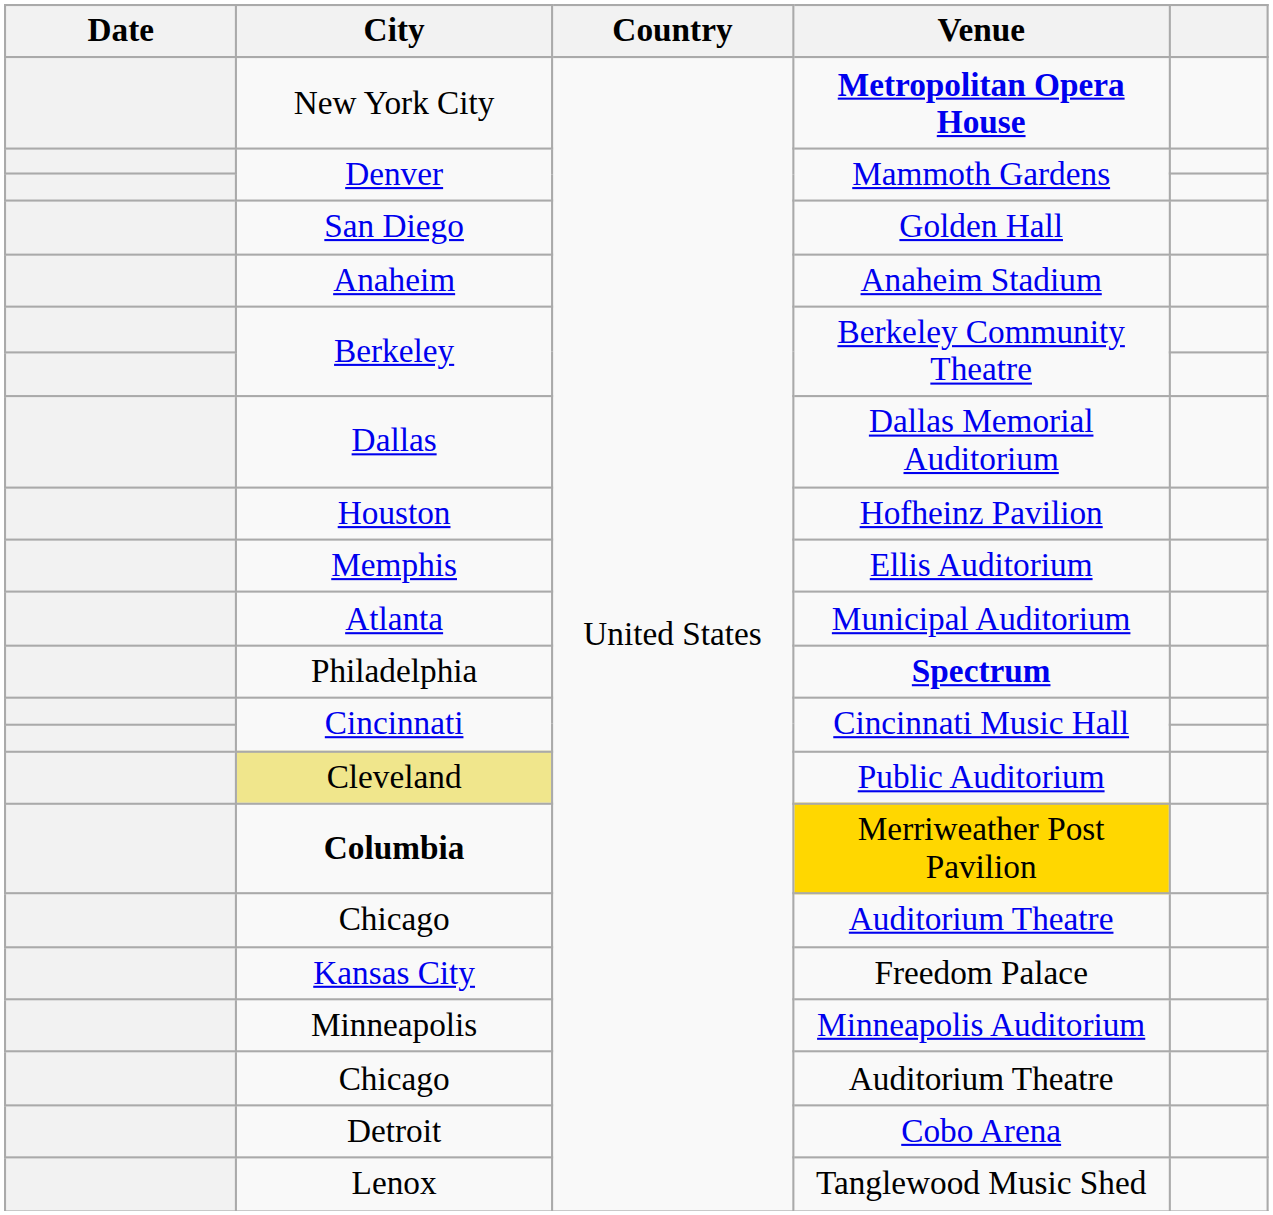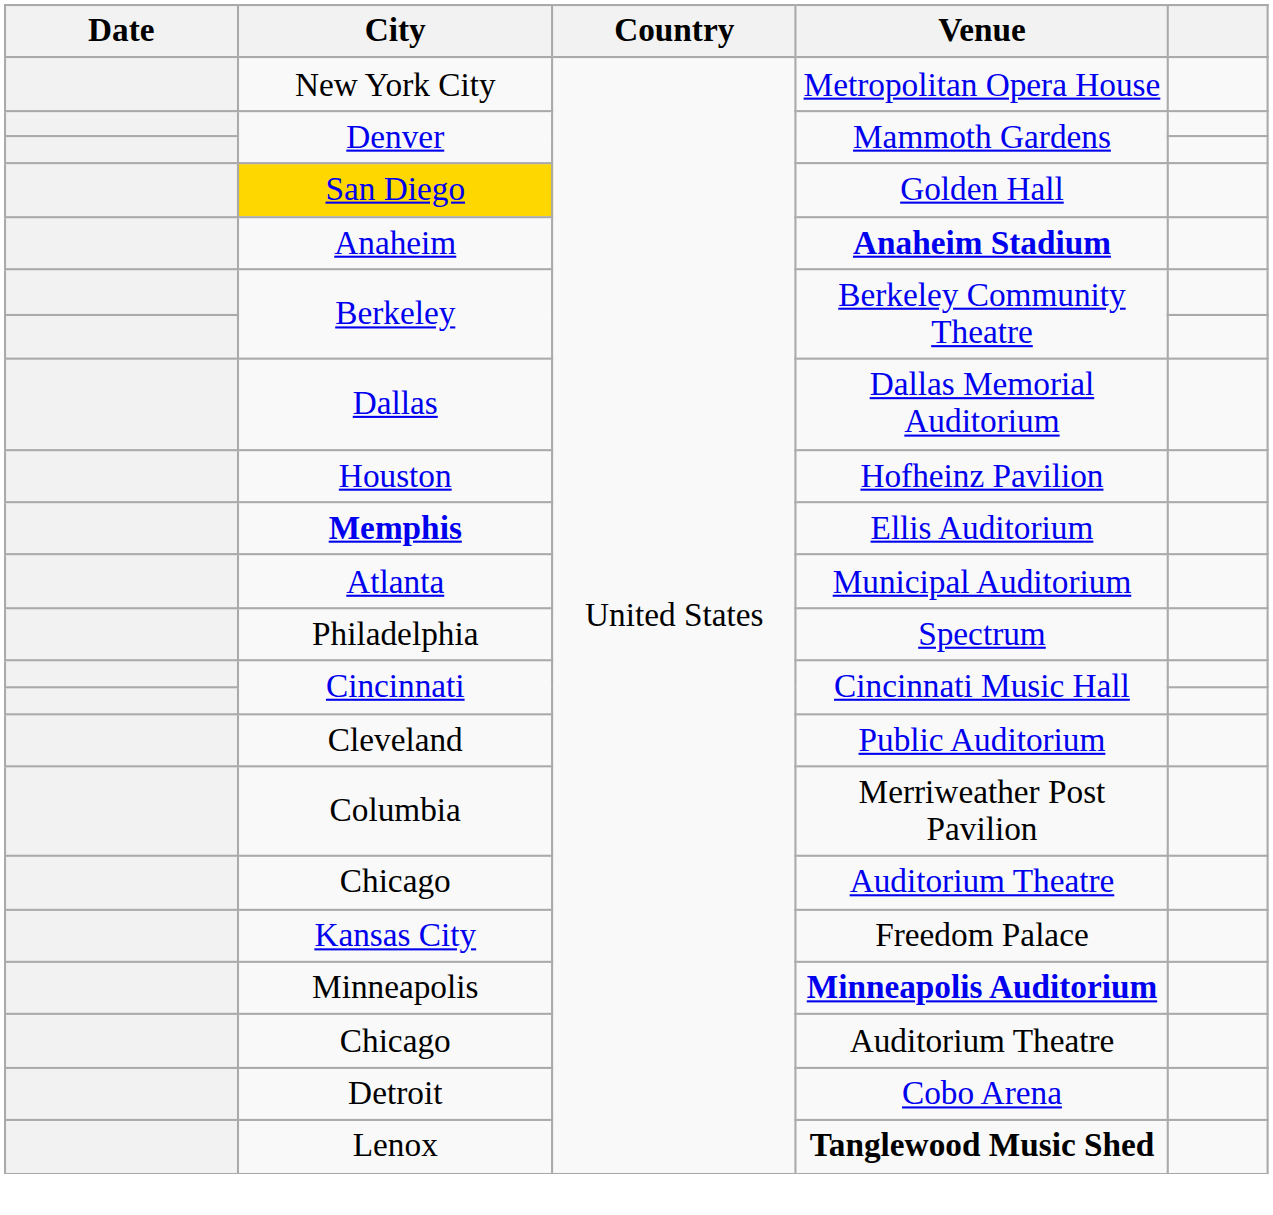 <table class="wikitable sortable plainrowheaders" style="text-align:center;">
 <tr>
 <th scope="col" style="width:11em;">Date</th>
 <th scope="col" style="width:13em;">City</th>
 <th scope="col" style="width:10em;">Country</th>
 <th scope="col" style="width:16em;">Venue</th>
 <th scope="col" style="width:5em;" class="unsortable"></th>
 </tr>
 <tr>
 <th scope="row"></th>
 <td>New York City</td>
 <td rowspan="22">United States</td>
-<td><strong><a href='#'>Metropolitan Opera House</a></strong></td>
+<td><a href='#'>Metropolitan Opera House</a></td>
 <td></td>
 </tr>
 <tr>
 <th scope="row"></th>
 <td rowspan="2"><a href='#'>Denver</a></td>
 <td rowspan="2"><a href='#'>Mammoth Gardens</a></td>
 <td></td>
 </tr>
 <tr>
 <th scope="row"></th>
 <td></td>
 </tr>
 <tr>
 <th scope="row"></th>
-<td><a href='#'>San Diego</a></td>
+<td style="background: gold;"><a href='#'>San Diego</a></td>
 <td><a href='#'>Golden Hall</a></td>
 <td></td>
 </tr>
 <tr>
 <th scope="row"></th>
 <td><a href='#'>Anaheim</a></td>
-<td><a href='#'>Anaheim Stadium</a></td>
+<td><strong><a href='#'>Anaheim Stadium</a></strong></td>
 <td></td>
 </tr>
 <tr>
 <th scope="row"></th>
 <td rowspan="2"><a href='#'>Berkeley</a></td>
 <td rowspan="2"><a href='#'>Berkeley Community Theatre</a></td>
 <td></td>
 </tr>
 <tr>
 <th scope="row"></th>
 <td></td>
 </tr>
 <tr>
 <th scope="row"></th>
 <td><a href='#'>Dallas</a></td>
 <td><a href='#'>Dallas Memorial Auditorium</a></td>
 <td></td>
 </tr>
 <tr>
 <th scope="row"></th>
 <td><a href='#'>Houston</a></td>
 <td><a href='#'>Hofheinz Pavilion</a></td>
 <td></td>
 </tr>
 <tr>
 <th scope="row"></th>
-<td><a href='#'>Memphis</a></td>
+<td><strong><a href='#'>Memphis</a></strong></td>
 <td><a href='#'>Ellis Auditorium</a></td>
 <td></td>
 </tr>
 <tr>
 <th scope="row"></th>
 <td><a href='#'>Atlanta</a></td>
 <td><a href='#'>Municipal Auditorium</a></td>
 <td></td>
 </tr>
 <tr>
 <th scope="row"></th>
 <td>Philadelphia</td>
-<td><strong><a href='#'>Spectrum</a></strong></td>
+<td><a href='#'>Spectrum</a></td>
 <td></td>
 </tr>
 <tr>
 <th scope="row"></th>
 <td rowspan="2"><a href='#'>Cincinnati</a></td>
 <td rowspan="2"><a href='#'>Cincinnati Music Hall</a></td>
 <td></td>
 </tr>
 <tr>
 <th scope="row"></th>
 <td></td>
 </tr>
 <tr>
 <th scope="row"></th>
-<td style="background: khaki;">Cleveland</td>
+<td>Cleveland</td>
 <td><a href='#'>Public Auditorium</a></td>
 <td></td>
 </tr>
 <tr>
 <th scope="row"></th>
-<td><strong>Columbia</strong></td>
-<td style="background: gold;">Merriweather Post Pavilion</td>
+<td>Columbia</td>
+<td>Merriweather Post Pavilion</td>
 <td></td>
 </tr>
 <tr>
 <th scope="row"></th>
 <td>Chicago</td>
 <td><a href='#'>Auditorium Theatre</a></td>
 <td></td>
 </tr>
 <tr>
 <th scope="row"></th>
 <td><a href='#'>Kansas City</a></td>
 <td>Freedom Palace</td>
 <td></td>
 </tr>
 <tr>
 <th scope="row"></th>
 <td>Minneapolis</td>
-<td><a href='#'>Minneapolis Auditorium</a></td>
+<td><strong><a href='#'>Minneapolis Auditorium</a></strong></td>
 <td></td>
 </tr>
 <tr>
 <th scope="row"></th>
 <td>Chicago</td>
 <td>Auditorium Theatre</td>
 <td></td>
 </tr>
 <tr>
 <th scope="row"></th>
 <td>Detroit</td>
 <td><a href='#'>Cobo Arena</a></td>
 <td></td>
 </tr>
 <tr>
 <th scope="row"></th>
 <td>Lenox</td>
-<td>Tanglewood Music Shed</td>
+<td><strong>Tanglewood Music Shed</strong></td>
 <td></td>
 </tr>
 </table>
